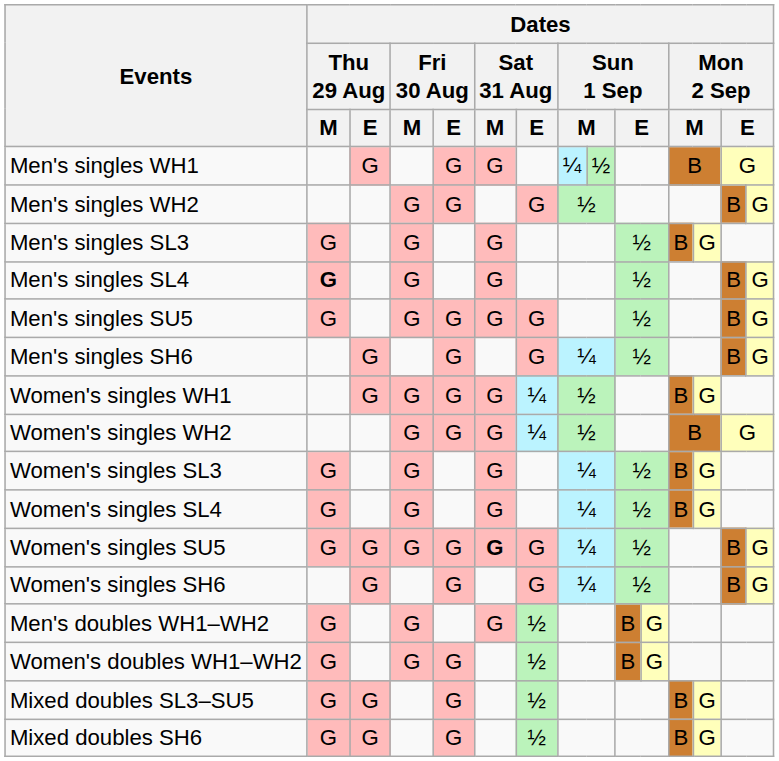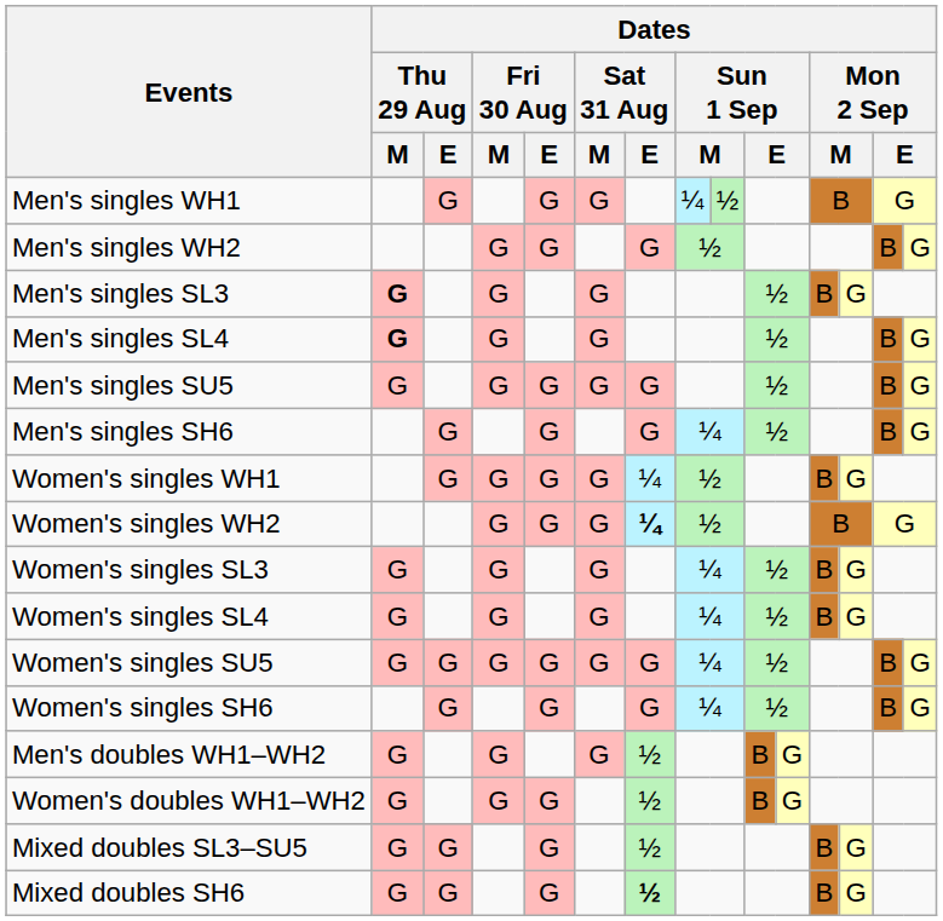 <table class="wikitable" style="margin:0.5em auto; font-size:90%; line-height:1.25em; text-align:center">
 <tr>
 <th rowspan="3">Events</th>
 <th colspan="14">Dates</th>
 </tr>
 <tr>
 <th colspan="2">Thu<br>29 Aug</th>
 <th colspan="2">Fri<br>30 Aug</th>
 <th colspan="2">Sat<br>31 Aug</th>
 <th colspan="4">Sun<br>1 Sep</th>
 <th colspan="4">Mon<br>2 Sep</th>
 </tr>
 <tr>
 <th>M</th>
 <th>E</th>
 <th>M</th>
 <th>E</th>
 <th>M</th>
 <th>E</th>
 <th colspan="2">M</th>
 <th colspan="2">E</th>
 <th colspan="2">M</th>
 <th colspan="2">E</th>
 </tr>
 <tr>
 <td align="left">Men's singles WH1</td>
 <td></td>
 <td bgcolor="#FFBBBB">G</td>
 <td></td>
 <td bgcolor="#FFBBBB">G</td>
 <td bgcolor="#FFBBBB">G</td>
 <td></td>
 <td bgcolor="#BBF3FF">¼</td>
 <td bgcolor="#BBF3BB">½</td>
 <td colspan="2"></td>
 <td bgcolor="#CD7F32" colspan="2">B</td>
 <td bgcolor="#FFFFBB" colspan="2">G</td>
 </tr>
 <tr>
 <td align="left">Men's singles WH2</td>
 <td></td>
 <td></td>
 <td bgcolor="#FFBBBB">G</td>
 <td bgcolor="#FFBBBB">G</td>
 <td></td>
 <td bgcolor="#FFBBBB">G</td>
 <td bgcolor="#BBF3BB" colspan="2">½</td>
 <td colspan="2"></td>
 <td colspan="2"></td>
 <td bgcolor="#CD7F32">B</td>
 <td bgcolor="#FFFFBB">G</td>
 </tr>
 <tr>
 <td align="left">Men's singles SL3</td>
-<td bgcolor="#FFBBBB">G</td>
+<td bgcolor="#FFBBBB"><strong>G</strong></td>
 <td></td>
 <td bgcolor="#FFBBBB">G</td>
 <td></td>
 <td bgcolor="#FFBBBB">G</td>
 <td></td>
 <td colspan="2"></td>
 <td bgcolor="#BBF3BB" colspan="2">½</td>
 <td bgcolor="#CD7F32">B</td>
 <td bgcolor="#FFFFBB">G</td>
 <td colspan="2"></td>
 </tr>
 <tr>
 <td align="left">Men's singles SL4</td>
 <td bgcolor="#FFBBBB"><strong>G</strong></td>
 <td></td>
 <td bgcolor="#FFBBBB">G</td>
 <td></td>
 <td bgcolor="#FFBBBB">G</td>
 <td></td>
 <td colspan="2"></td>
 <td bgcolor="#BBF3BB" colspan="2">½</td>
 <td colspan="2"></td>
 <td bgcolor="#CD7F32">B</td>
 <td bgcolor="#FFFFBB">G</td>
 </tr>
 <tr>
 <td align="left">Men's singles SU5</td>
 <td bgcolor="#FFBBBB">G</td>
 <td></td>
 <td bgcolor="#FFBBBB">G</td>
 <td bgcolor="#FFBBBB">G</td>
 <td bgcolor="#FFBBBB">G</td>
 <td bgcolor="#FFBBBB">G</td>
 <td colspan="2"></td>
 <td bgcolor="#BBF3BB" colspan="2">½</td>
 <td colspan="2"></td>
 <td bgcolor="#CD7F32">B</td>
 <td bgcolor="#FFFFBB">G</td>
 </tr>
 <tr>
 <td align="left">Men's singles SH6</td>
 <td></td>
 <td bgcolor="#FFBBBB">G</td>
 <td></td>
 <td bgcolor="#FFBBBB">G</td>
 <td></td>
 <td bgcolor="#FFBBBB">G</td>
 <td bgcolor="#BBF3FF" colspan="2">¼</td>
 <td bgcolor="#BBF3BB" colspan="2">½</td>
 <td colspan="2"></td>
 <td bgcolor="#CD7F32">B</td>
 <td bgcolor="#FFFFBB">G</td>
 </tr>
 <tr>
 <td align="left">Women's singles WH1</td>
 <td></td>
 <td bgcolor="#FFBBBB">G</td>
 <td bgcolor="#FFBBBB">G</td>
 <td bgcolor="#FFBBBB">G</td>
 <td bgcolor="#FFBBBB">G</td>
 <td bgcolor="#BBF3FF">¼</td>
 <td bgcolor="#BBF3BB" colspan="2">½</td>
 <td colspan="2"></td>
 <td bgcolor="#CD7F32">B</td>
 <td bgcolor="#FFFFBB">G</td>
 <td colspan="2"></td>
 </tr>
 <tr>
 <td align="left">Women's singles WH2</td>
 <td></td>
 <td></td>
 <td bgcolor="#FFBBBB">G</td>
 <td bgcolor="#FFBBBB">G</td>
 <td bgcolor="#FFBBBB">G</td>
-<td bgcolor="#BBF3FF">¼</td>
+<td bgcolor="#BBF3FF"><strong>¼</strong></td>
 <td bgcolor="#BBF3BB" colspan="2">½</td>
 <td colspan="2"></td>
 <td bgcolor="#CD7F32" colspan="2">B</td>
 <td bgcolor="#FFFFBB" colspan="2">G</td>
 </tr>
 <tr>
 <td align="left">Women's singles SL3</td>
 <td bgcolor="#FFBBBB">G</td>
 <td></td>
 <td bgcolor="#FFBBBB">G</td>
 <td></td>
 <td bgcolor="#FFBBBB">G</td>
 <td></td>
 <td bgcolor="#BBF3FF" colspan="2">¼</td>
 <td bgcolor="#BBF3BB" colspan="2">½</td>
 <td bgcolor="#CD7F32">B</td>
 <td bgcolor="#FFFFBB">G</td>
 <td colspan="2"></td>
 </tr>
 <tr>
 <td align="left">Women's singles SL4</td>
 <td bgcolor="#FFBBBB">G</td>
 <td></td>
 <td bgcolor="#FFBBBB">G</td>
 <td></td>
 <td bgcolor="#FFBBBB">G</td>
 <td></td>
 <td bgcolor="#BBF3FF" colspan="2">¼</td>
 <td bgcolor="#BBF3BB" colspan="2">½</td>
 <td bgcolor="#CD7F32">B</td>
 <td bgcolor="#FFFFBB">G</td>
 <td colspan="2"></td>
 </tr>
 <tr>
 <td align="left">Women's singles SU5</td>
 <td bgcolor="#FFBBBB">G</td>
 <td bgcolor="#FFBBBB">G</td>
 <td bgcolor="#FFBBBB">G</td>
 <td bgcolor="#FFBBBB">G</td>
-<td bgcolor="#FFBBBB"><strong>G</strong></td>
+<td bgcolor="#FFBBBB">G</td>
 <td bgcolor="#FFBBBB">G</td>
 <td bgcolor="#BBF3FF" colspan="2">¼</td>
 <td bgcolor="#BBF3BB" colspan="2">½</td>
 <td colspan="2"></td>
 <td bgcolor="#CD7F32">B</td>
 <td bgcolor="#FFFFBB">G</td>
 </tr>
 <tr>
 <td align="left">Women's singles SH6</td>
 <td></td>
 <td bgcolor="#FFBBBB">G</td>
 <td></td>
 <td bgcolor="#FFBBBB">G</td>
 <td></td>
 <td bgcolor="#FFBBBB">G</td>
 <td bgcolor="#BBF3FF" colspan="2">¼</td>
 <td bgcolor="#BBF3BB" colspan="2">½</td>
 <td colspan="2"></td>
 <td bgcolor="#CD7F32">B</td>
 <td bgcolor="#FFFFBB">G</td>
 </tr>
 <tr>
 <td align="left">Men's doubles WH1–WH2</td>
 <td bgcolor="#FFBBBB">G</td>
 <td></td>
 <td bgcolor="#FFBBBB">G</td>
 <td></td>
 <td bgcolor="#FFBBBB">G</td>
 <td bgcolor="#BBF3BB">½</td>
 <td colspan="2"></td>
 <td bgcolor="#CD7F32">B</td>
 <td bgcolor="#FFFFBB">G</td>
 <td colspan="2"></td>
 <td colspan="2"></td>
 </tr>
 <tr>
 <td align="left">Women's doubles WH1–WH2</td>
 <td bgcolor="#FFBBBB">G</td>
 <td></td>
 <td bgcolor="#FFBBBB">G</td>
 <td bgcolor="#FFBBBB">G</td>
 <td></td>
 <td bgcolor="#BBF3BB">½</td>
 <td colspan="2"></td>
 <td bgcolor="#CD7F32">B</td>
 <td bgcolor="#FFFFBB">G</td>
 <td colspan="2"></td>
 <td colspan="2"></td>
 </tr>
 <tr>
 <td align="left">Mixed doubles SL3–SU5</td>
 <td bgcolor="#FFBBBB">G</td>
 <td bgcolor="#FFBBBB">G</td>
 <td></td>
 <td bgcolor="#FFBBBB">G</td>
 <td></td>
 <td bgcolor="#BBF3BB">½</td>
 <td colspan="2"></td>
 <td colspan="2"></td>
 <td bgcolor="#CD7F32">B</td>
 <td bgcolor="#FFFFBB">G</td>
 <td colspan="2"></td>
 </tr>
 <tr>
 <td align="left">Mixed doubles SH6</td>
 <td bgcolor="#FFBBBB">G</td>
 <td bgcolor="#FFBBBB">G</td>
 <td></td>
 <td bgcolor="#FFBBBB">G</td>
 <td></td>
-<td bgcolor="#BBF3BB">½</td>
+<td bgcolor="#BBF3BB"><strong>½</strong></td>
 <td colspan="2"></td>
 <td colspan="2"></td>
 <td bgcolor="#CD7F32">B</td>
 <td bgcolor="#FFFFBB">G</td>
 <td colspan="2"></td>
 </tr>
 </table>
